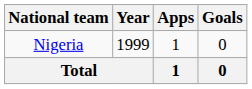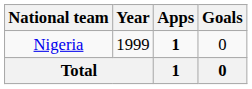 <table class="wikitable" style="text-align:center">
 <tr>
 <th>National team</th>
 <th>Year</th>
 <th>Apps</th>
 <th>Goals</th>
 </tr>
 <tr>
 <td><a href='#'>Nigeria</a></td>
 <td>1999</td>
-<td>1</td>
+<td><strong>1</strong></td>
 <td>0</td>
 </tr>
 <tr>
 <th colspan="2">Total</th>
 <th>1</th>
 <th>0</th>
 </tr>
 </table>
